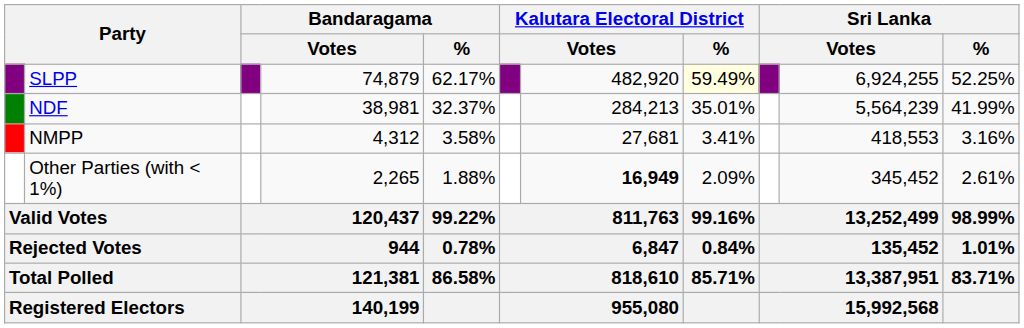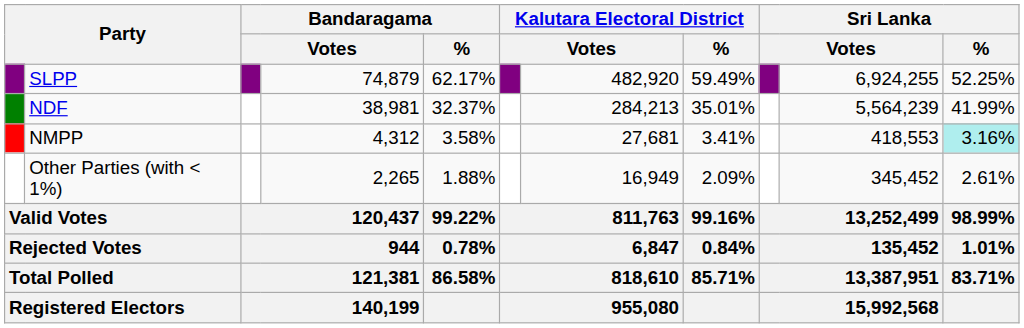 <table class="wikitable">
 <tr>
 <th colspan="2" width="144px"rowspan="2">Party</th>
 <th colspan="3" width="216px">Bandaragama</th>
 <th colspan="3" width="216px"><a href='#'>Kalutara Electoral District</a></th>
 <th colspan="3" width="216px">Sri Lanka</th>
 </tr>
 <tr>
 <th colspan="2" width="144px">Votes</th>
 <th>%</th>
 <th colspan="2" width="144px">Votes</th>
 <th>%</th>
 <th colspan="2" width="144px">Votes</th>
 <th>%</th>
 </tr>
 <tr>
 <td style="background-color:purple;" width="10px"></td>
 <td style="text-align:left;"><a href='#'>SLPP</a></td>
 <td style="background-color:purple;" width="10px"></td>
 <td style="text-align:right;">74,879</td>
 <td style="text-align:right;">62.17%</td>
 <td style="background-color:purple;" width="10px"></td>
 <td style="text-align:right;">482,920</td>
-<td style="background: lightyellow; text-align:right;">59.49%</td>
+<td style="text-align:right;">59.49%</td>
 <td style="background-color:purple;" width="10px"></td>
 <td style="text-align:right;">6,924,255</td>
 <td style="text-align:right;">52.25%</td>
 </tr>
 <tr>
 <td style="background-color:green;" width="10px"></td>
 <td style="text-align:left;"><a href='#'>NDF</a></td>
 <td style="background-color:white;" width="10px"></td>
 <td style="text-align:right;">38,981</td>
 <td style="text-align:right;">32.37%</td>
 <td style="background-color:white;" width="10px"></td>
 <td style="text-align:right;">284,213</td>
 <td style="text-align:right;">35.01%</td>
 <td style="background-color:white;" width="10px"></td>
 <td style="text-align:right;">5,564,239</td>
 <td style="text-align:right;">41.99%</td>
 </tr>
 <tr>
 <td style="background-color:red;" width="10px"></td>
 <td style="text-align:left;">NMPP</td>
 <td style="background-color:white;" width="10px"></td>
 <td style="text-align:right;">4,312</td>
 <td style="text-align:right;">3.58%</td>
 <td style="background-color:white;" width="10px"></td>
 <td style="text-align:right;">27,681</td>
 <td style="text-align:right;">3.41%</td>
 <td style="background-color:white;" width="10px"></td>
 <td style="text-align:right;">418,553</td>
-<td style="text-align:right;">3.16%</td>
+<td style="background: paleturquoise; text-align:right;">3.16%</td>
 </tr>
 <tr>
 <td style="background-color:white;" width="10px"></td>
 <td style="text-align:left;">Other Parties (with < 1%)</td>
 <td style="background-color:white;" width="10px"></td>
 <td style="text-align:right;">2,265</td>
 <td style="text-align:right;">1.88%</td>
 <td style="background-color:white;" width="10px"></td>
-<td style="text-align:right;"><strong>16,949</strong></td>
+<td style="text-align:right;">16,949</td>
 <td style="text-align:right;">2.09%</td>
 <td style="background-color:white;" width="10px"></td>
 <td style="text-align:right;">345,452</td>
 <td style="text-align:right;">2.61%</td>
 </tr>
 <tr>
 <th colspan="2" width="144px"style="text-align:left;">Valid Votes</th>
 <th style="text-align:right;"colspan="2" width="144px">120,437</th>
 <th style="text-align:right;">99.22%</th>
 <th style="text-align:right;"colspan="2" width="144px">811,763</th>
 <th style="text-align:right;">99.16%</th>
 <th style="text-align:right;"colspan="2" width="144px">13,252,499</th>
 <th style="text-align:right;">98.99%</th>
 </tr>
 <tr>
 <th colspan="2" width="144px"style="text-align:left;">Rejected Votes</th>
 <th style="text-align:right;"colspan="2" width="144px">944</th>
 <th style="text-align:right;">0.78%</th>
 <th style="text-align:right;"colspan="2" width="144px">6,847</th>
 <th style="text-align:right;">0.84%</th>
 <th style="text-align:right;"colspan="2" width="144px">135,452</th>
 <th style="text-align:right;">1.01%</th>
 </tr>
 <tr>
 <th colspan="2" width="144px"style="text-align:left;">Total Polled</th>
 <th style="text-align:right;"colspan="2" width="144px">121,381</th>
 <th style="text-align:right;">86.58%</th>
 <th style="text-align:right;"colspan="2" width="144px">818,610</th>
 <th style="text-align:right;">85.71%</th>
 <th style="text-align:right;"colspan="2" width="144px">13,387,951</th>
 <th style="text-align:right;">83.71%</th>
 </tr>
 <tr>
 <th colspan="2" width="144px"style="text-align:left;">Registered Electors</th>
 <th style="text-align:right;"colspan="2" width="144px">140,199</th>
 <th></th>
 <th style="text-align:right;"colspan="2" width="144px">955,080</th>
 <th></th>
 <th style="text-align:right;"colspan="2" width="144px">15,992,568</th>
 <th></th>
 </tr>
 </table>
